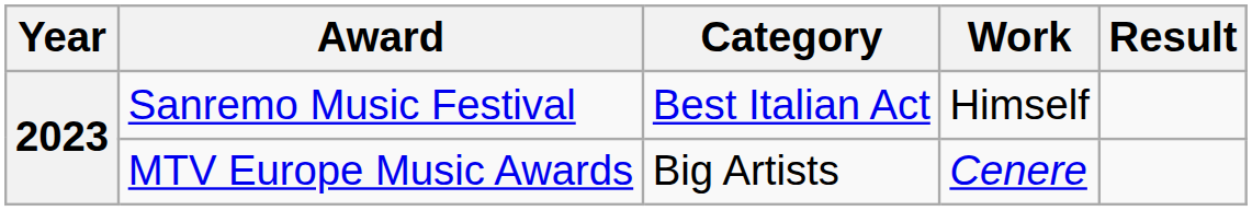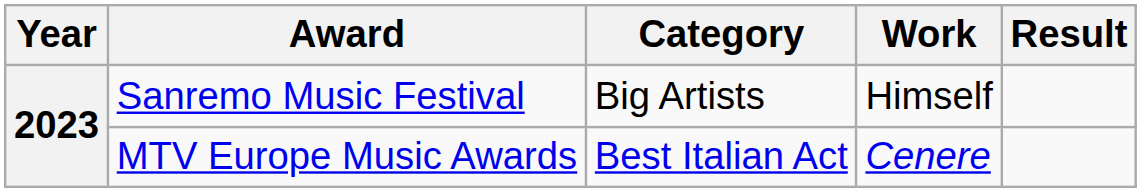 <table class="wikitable">
 <tr>
 <th>Year</th>
 <th>Award</th>
 <th>Category</th>
 <th>Work</th>
 <th>Result</th>
 </tr>
 <tr>
 <th rowspan="2">2023</th>
 <td><a href='#'>Sanremo Music Festival</a></td>
-<td><a href='#'>Best Italian Act</a></td>
+<td>Big Artists</td>
 <td>Himself</td>
 <td></td>
 </tr>
 <tr>
 <td><a href='#'>MTV Europe Music Awards</a></td>
-<td>Big Artists</td>
+<td><a href='#'>Best Italian Act</a></td>
 <td><em><a href='#'>Cenere</a></em></td>
 <td></td>
 </tr>
 </table>
